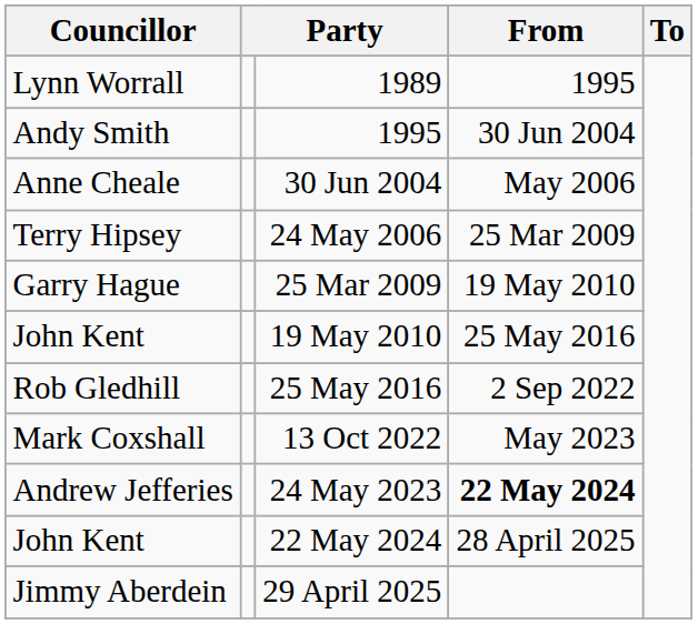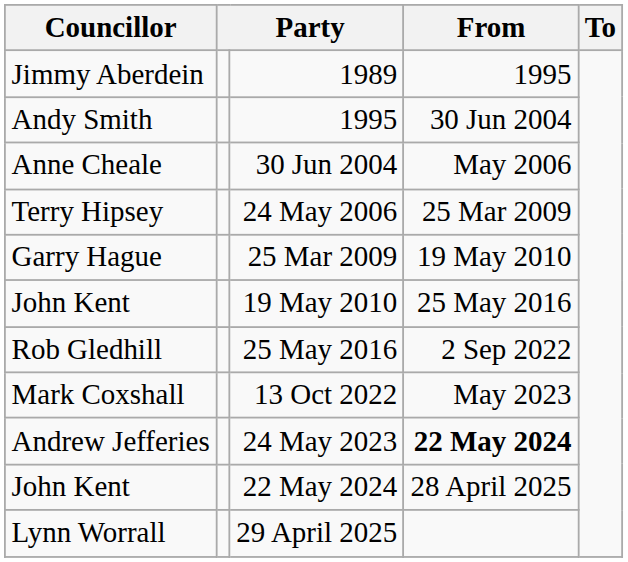 <table class=wikitable>
 <tr>
 <th>Councillor</th>
 <th colspan=2>Party</th>
 <th>From</th>
 <th>To</th>
 </tr>
 <tr>
-<td>Lynn Worrall</td>
+<td>Jimmy Aberdein</td>
 <td></td>
 <td align=right>1989</td>
 <td align=right>1995</td>
 </tr>
 <tr>
 <td>Andy Smith</td>
 <td></td>
 <td align=right>1995</td>
 <td align=right>30 Jun 2004</td>
 </tr>
 <tr>
 <td>Anne Cheale</td>
 <td></td>
 <td align=right>30 Jun 2004</td>
 <td align=right>May 2006</td>
 </tr>
 <tr>
 <td>Terry Hipsey</td>
 <td></td>
 <td align=right>24 May 2006</td>
 <td align=right>25 Mar 2009</td>
 </tr>
 <tr>
 <td>Garry Hague</td>
 <td></td>
 <td align=right>25 Mar 2009</td>
 <td align=right>19 May 2010</td>
 </tr>
 <tr>
 <td>John Kent</td>
 <td></td>
 <td align=right>19 May 2010</td>
 <td align=right>25 May 2016</td>
 </tr>
 <tr>
 <td>Rob Gledhill</td>
 <td></td>
 <td align=right>25 May 2016</td>
 <td align=right>2 Sep 2022</td>
 </tr>
 <tr>
 <td>Mark Coxshall</td>
 <td></td>
 <td align=right>13 Oct 2022</td>
 <td align=right>May 2023</td>
 </tr>
 <tr>
 <td>Andrew Jefferies</td>
 <td></td>
 <td align=right>24 May 2023</td>
 <td align=right><strong>22 May 2024</strong></td>
 </tr>
 <tr>
 <td>John Kent</td>
 <td></td>
 <td align=right>22 May 2024</td>
 <td align=right>28 April 2025</td>
 </tr>
 <tr>
-<td>Jimmy Aberdein</td>
+<td>Lynn Worrall</td>
 <td></td>
 <td align=right>29 April 2025</td>
 <td align=right></td>
 </tr>
 </table>
